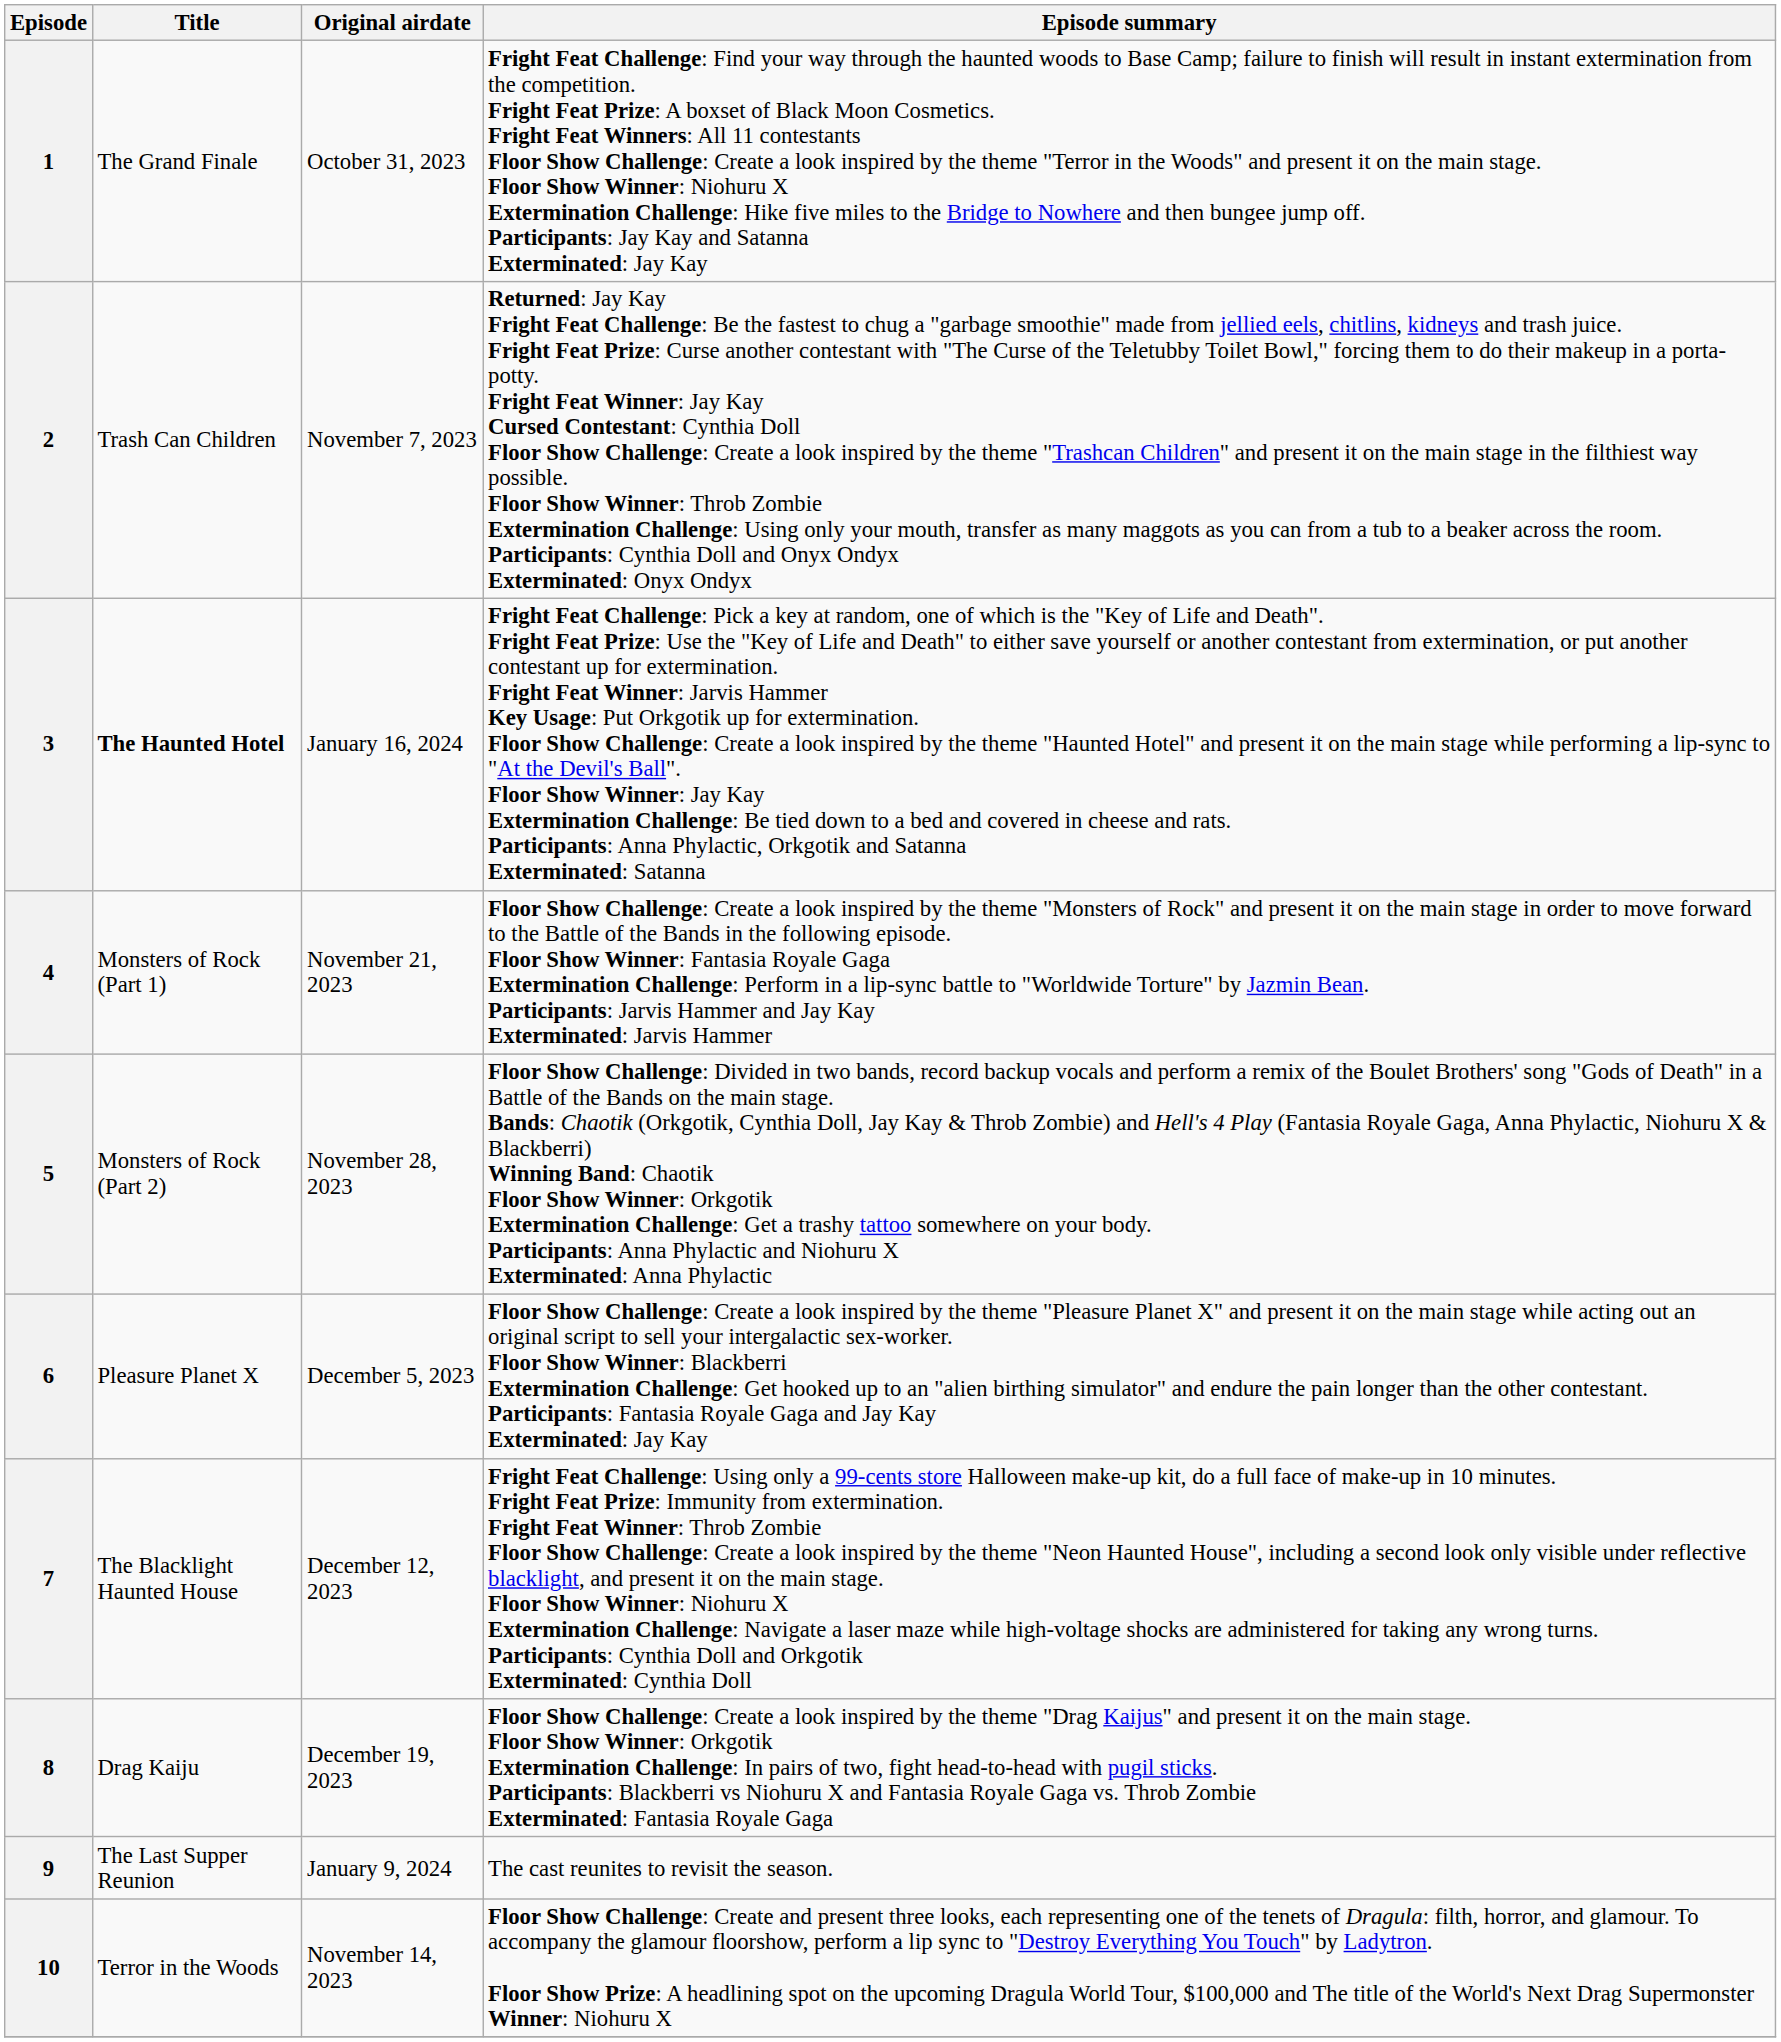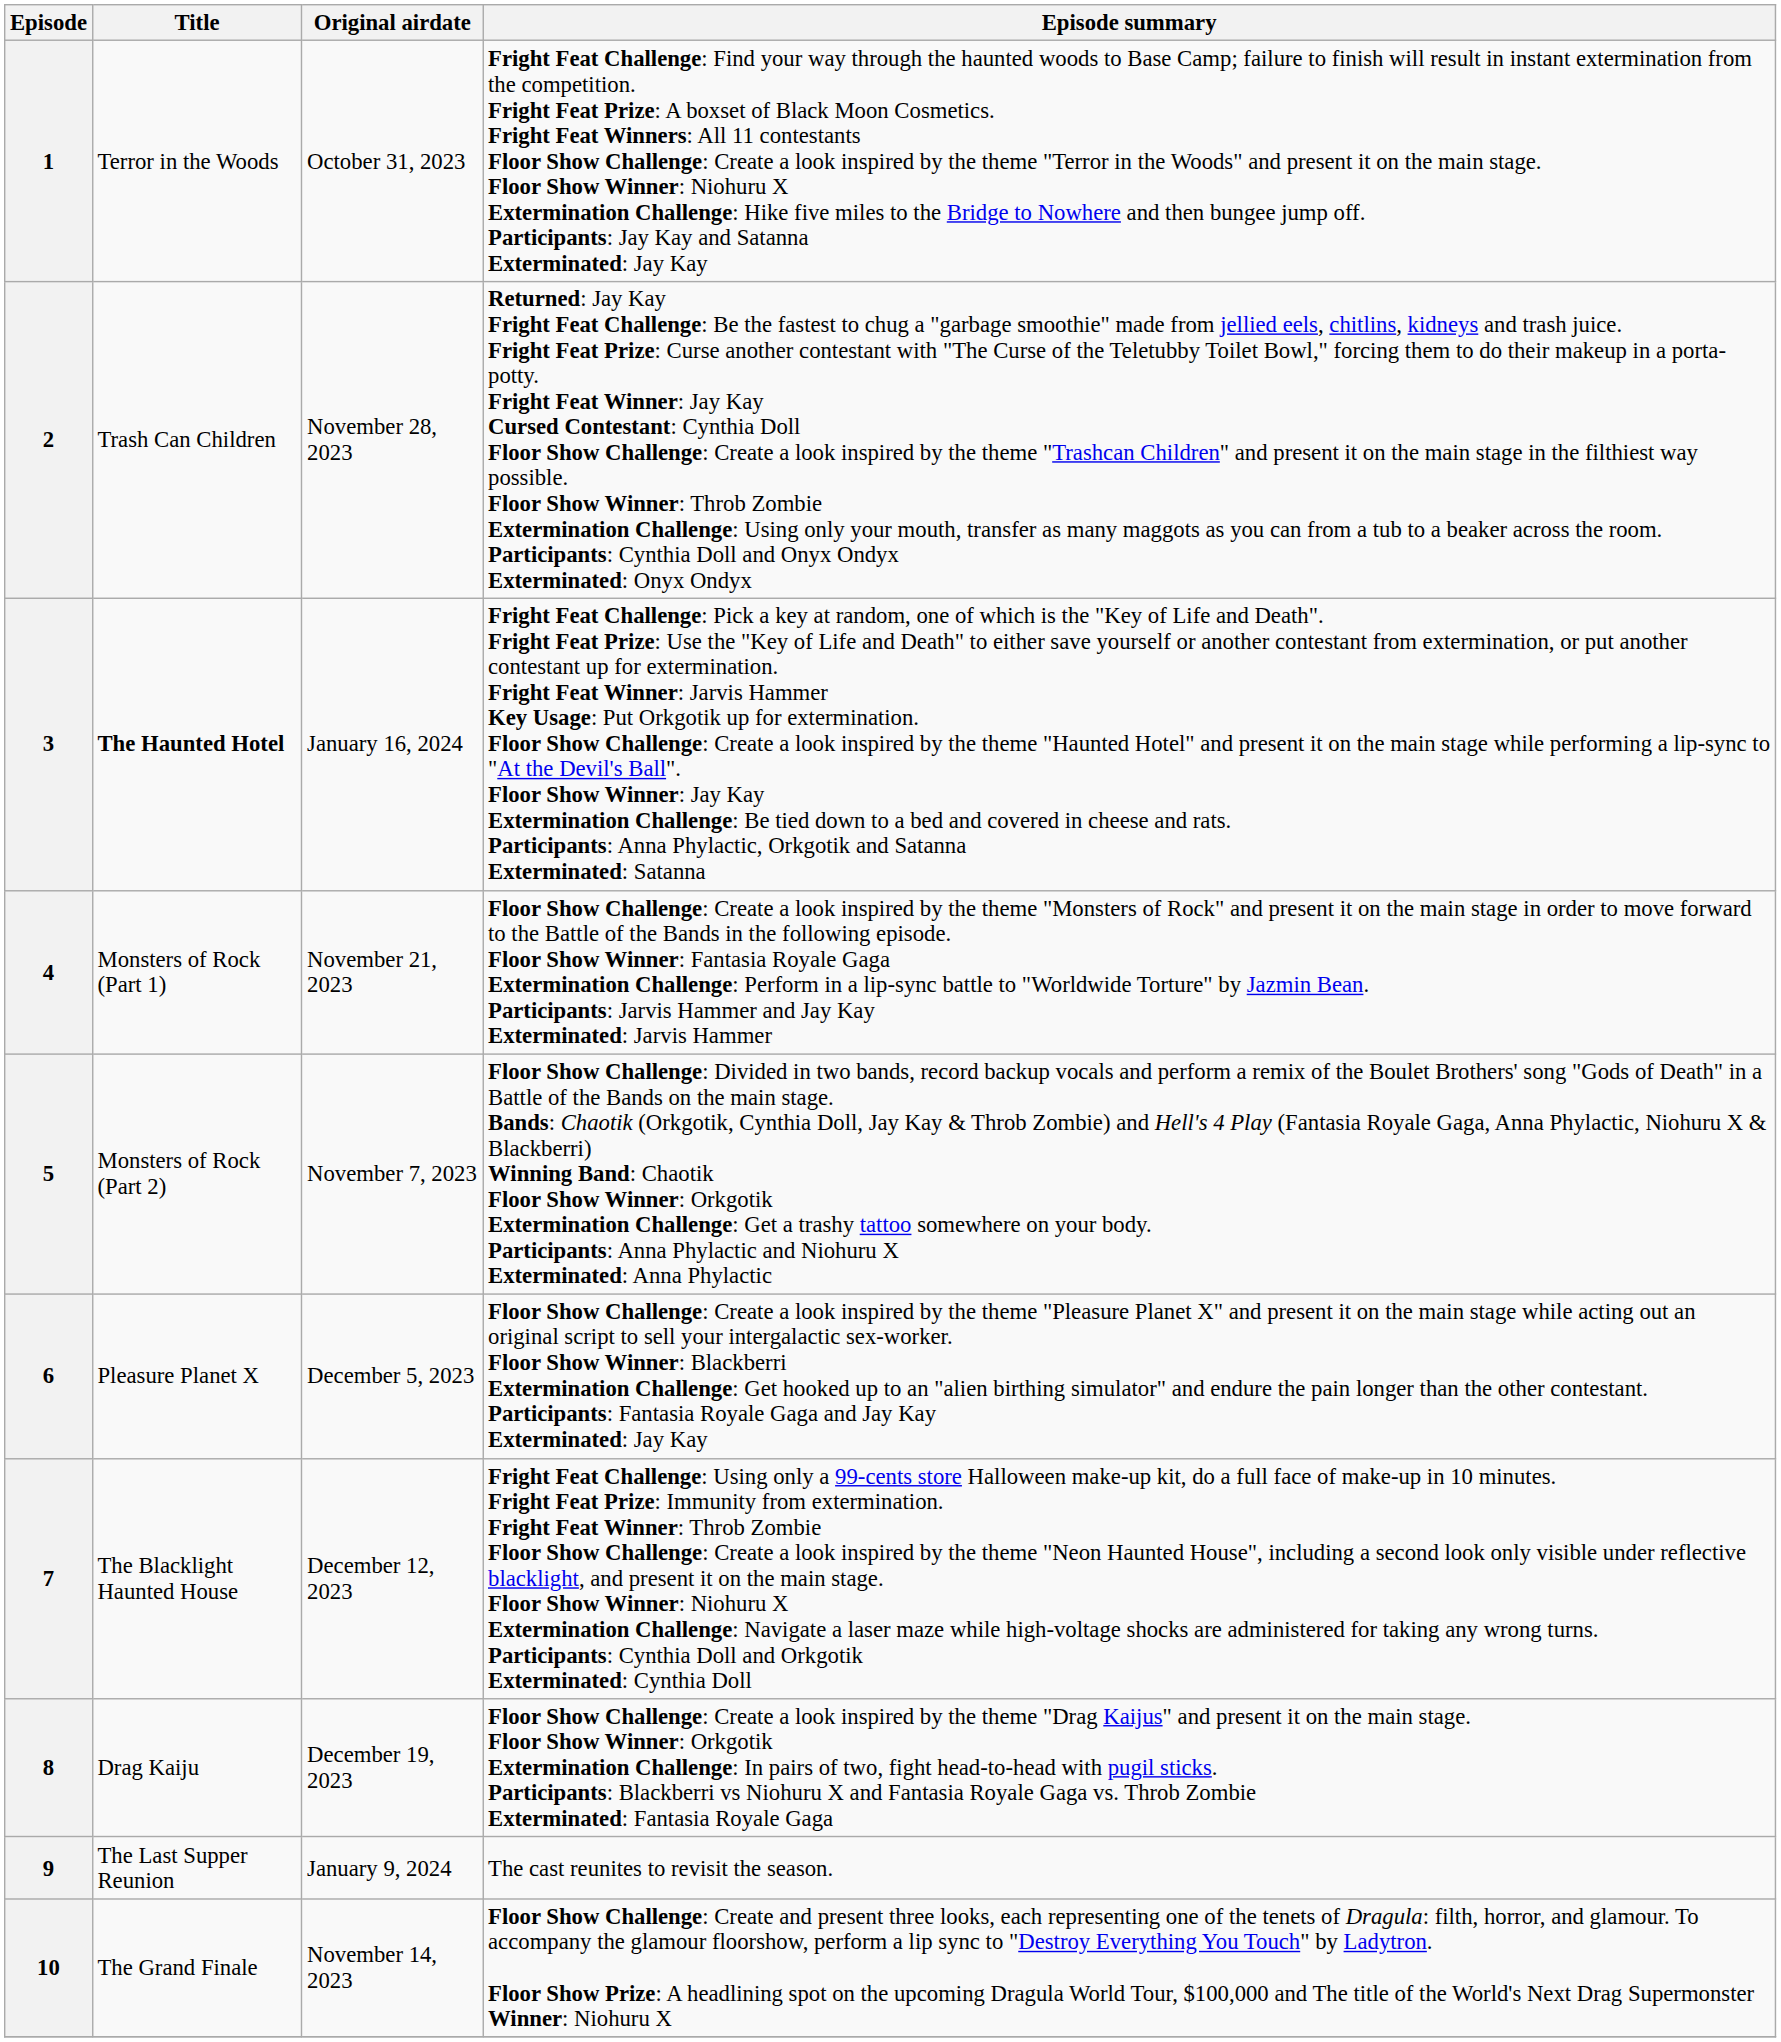 <table class="wikitable">
 <tr>
 <th nowrap>Episode</th>
 <th nowrap>Title</th>
 <th nowrap>Original airdate</th>
 <th nowrap>Episode summary</th>
 </tr>
 <tr>
 <th>1</th>
-<td>The Grand Finale</td>
+<td>Terror in the Woods</td>
 <td>October 31, 2023</td>
 <td><strong>Fright Feat Challenge</strong>: Find your way through the haunted woods to Base Camp; failure to finish will result in instant extermination from the competition.<br><strong>Fright Feat Prize</strong>: A boxset of Black Moon Cosmetics.<br><span><strong>Fright Feat Winners</strong>: All 11 contestants</span><br><strong>Floor Show Challenge</strong>: Create a look inspired by the theme "Terror in the Woods" and present it on the main stage.<br><span><strong>Floor Show Winner</strong>: Niohuru X</span><br><strong>Extermination Challenge</strong>: Hike five miles to the <a href='#'>Bridge to Nowhere</a> and then bungee jump off.<br> <strong>Participants</strong>: Jay Kay and Satanna<br> <span><strong>Exterminated</strong>: Jay Kay</span></td>
 </tr>
 <tr>
 <th>2</th>
 <td>Trash Can Children</td>
-<td>November 7, 2023</td>
+<td>November 28, 2023</td>
 <td><strong>Returned</strong>: Jay Kay<br><strong>Fright Feat Challenge</strong>: Be the fastest to chug a "garbage smoothie" made from <a href='#'>jellied eels</a>, <a href='#'>chitlins</a>, <a href='#'>kidneys</a> and trash juice.<br><strong>Fright Feat Prize</strong>: Curse another contestant with "The Curse of the Teletubby Toilet Bowl," forcing them to do their makeup in a porta-potty.<br><span><strong>Fright Feat Winner</strong>: Jay Kay</span><br><span><strong>Cursed Contestant</strong>: Cynthia Doll</span><br><strong>Floor Show Challenge</strong>: Create a look inspired by the theme "<a href='#'>Trashcan Children</a>" and present it on the main stage in the filthiest way possible.<br><span><strong>Floor Show Winner</strong>: Throb Zombie</span><br><strong>Extermination Challenge</strong>: Using only your mouth, transfer as many maggots as you can from a tub to a beaker across the room.<br> <strong>Participants</strong>: Cynthia Doll and Onyx Ondyx<br> <span><strong>Exterminated</strong>: Onyx Ondyx</span></td>
 </tr>
 <tr>
 <th>3</th>
 <td><strong>The Haunted Hotel</strong></td>
 <td>January 16, 2024</td>
 <td><strong>Fright Feat Challenge</strong>: Pick a key at random, one of which is the "Key of Life and Death".<br><strong>Fright Feat Prize</strong>: Use the "Key of Life and Death" to either save yourself or another contestant from extermination, or put another contestant up for extermination.<br><span><strong>Fright Feat Winner</strong>: Jarvis Hammer</span><br><span><strong>Key Usage</strong>: Put Orkgotik up for extermination.</span><br><strong>Floor Show Challenge</strong>: Create a look inspired by the theme "Haunted Hotel" and present it on the main stage while performing a lip-sync to "<a href='#'>At the Devil's Ball</a>".<br><span><strong>Floor Show Winner</strong>: Jay Kay</span><br><strong>Extermination Challenge</strong>: Be tied down to a bed and covered in cheese and rats.<br> <strong>Participants</strong>: Anna Phylactic, Orkgotik and Satanna<br> <span><strong>Exterminated</strong>: Satanna</span></td>
 </tr>
 <tr>
 <th>4</th>
 <td>Monsters of Rock (Part 1)</td>
 <td>November 21, 2023</td>
 <td><strong>Floor Show Challenge</strong>: Create a look inspired by the theme "Monsters of Rock" and present it on the main stage in order to move forward to the Battle of the Bands in the following episode.<br><span><strong>Floor Show Winner</strong>: Fantasia Royale Gaga</span><br><strong>Extermination Challenge</strong>: Perform in a lip-sync battle to "Worldwide Torture" by <a href='#'>Jazmin Bean</a>.<br> <strong>Participants</strong>: Jarvis Hammer and Jay Kay<br><span><strong>Exterminated</strong>: Jarvis Hammer</span></td>
 </tr>
 <tr>
 <th>5</th>
 <td>Monsters of Rock (Part 2)</td>
-<td>November 28, 2023</td>
+<td>November 7, 2023</td>
 <td><strong>Floor Show Challenge</strong>: Divided in two bands, record backup vocals and perform a remix of the Boulet Brothers' song "Gods of Death" in a Battle of the Bands on the main stage.<br><strong>Bands</strong>: <em>Chaotik</em> (Orkgotik, Cynthia Doll, Jay Kay & Throb Zombie) and <em>Hell's 4 Play</em> (Fantasia Royale Gaga, Anna Phylactic, Niohuru X & Blackberri)<br><span><strong>Winning Band</strong>: Chaotik</span><br><span><strong>Floor Show Winner</strong>: Orkgotik</span><br><strong>Extermination Challenge</strong>: Get a trashy <a href='#'>tattoo</a> somewhere on your body.<br> <strong>Participants</strong>: Anna Phylactic and Niohuru X<br><span><strong>Exterminated</strong>: Anna Phylactic</span></td>
 </tr>
 <tr>
 <th>6</th>
 <td>Pleasure Planet X</td>
 <td>December 5, 2023</td>
 <td><strong>Floor Show Challenge</strong>: Create a look inspired by the theme "Pleasure Planet X" and present it on the main stage while acting out an original script to sell your intergalactic sex-worker.<br><span><strong>Floor Show Winner</strong>: Blackberri</span><br><strong>Extermination Challenge</strong>: Get hooked up to an "alien birthing simulator" and endure the pain longer than the other contestant.<br> <strong>Participants</strong>: Fantasia Royale Gaga and Jay Kay<br><span><strong>Exterminated</strong>: Jay Kay</span></td>
 </tr>
 <tr>
 <th>7</th>
 <td>The Blacklight Haunted House</td>
 <td>December 12, 2023</td>
 <td><strong>Fright Feat Challenge</strong>: Using only a <a href='#'>99-cents store</a> Halloween make-up kit, do a full face of make-up in 10 minutes.<br><strong>Fright Feat Prize</strong>: Immunity from extermination.<br><span><strong>Fright Feat Winner</strong>: Throb Zombie</span><br><strong>Floor Show Challenge</strong>: Create a look inspired by the theme "Neon Haunted House", including a second look only visible under reflective <a href='#'>blacklight</a>, and present it on the main stage.<br><span><strong>Floor Show Winner</strong>: Niohuru X</span><br><strong>Extermination Challenge</strong>: Navigate a laser maze while high-voltage shocks are administered for taking any wrong turns.<br> <strong>Participants</strong>: Cynthia Doll and Orkgotik<br> <span><strong>Exterminated</strong>: Cynthia Doll</span></td>
 </tr>
 <tr>
 <th>8</th>
 <td>Drag Kaiju</td>
 <td>December 19, 2023</td>
 <td><strong>Floor Show Challenge</strong>: Create a look inspired by the theme "Drag <a href='#'>Kaijus</a>" and present it on the main stage.<br><span><strong>Floor Show Winner</strong>: Orkgotik</span><br><strong>Extermination Challenge</strong>: In pairs of two, fight head-to-head with <a href='#'>pugil sticks</a>.<br> <strong>Participants</strong>: Blackberri vs Niohuru X and Fantasia Royale Gaga vs. Throb Zombie<br> <span><strong>Exterminated</strong>: Fantasia Royale Gaga</span></td>
 </tr>
 <tr>
 <th>9</th>
 <td>The Last Supper Reunion</td>
 <td>January 9, 2024</td>
 <td>The cast reunites to revisit the season.</td>
 </tr>
 <tr>
 <th>10</th>
-<td>Terror in the Woods</td>
+<td>The Grand Finale</td>
 <td>November 14, 2023</td>
 <td><strong>Floor Show Challenge</strong>: Create and present three looks, each representing one of the tenets of <em>Dragula</em>: filth, horror, and glamour. To accompany the glamour floorshow, perform a lip sync to "<a href='#'>Destroy Everything You Touch</a>" by <a href='#'>Ladytron</a>.<br><br><strong>Floor Show Prize</strong>: A headlining spot on the upcoming Dragula World Tour, $100,000 and The title of the World's Next Drag Supermonster <br> <span><strong>Winner</strong>: Niohuru X</span></td>
 </tr>
 <tr>
 </tr>
 </table>
